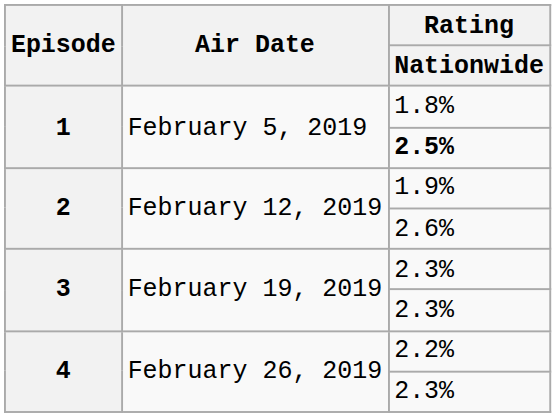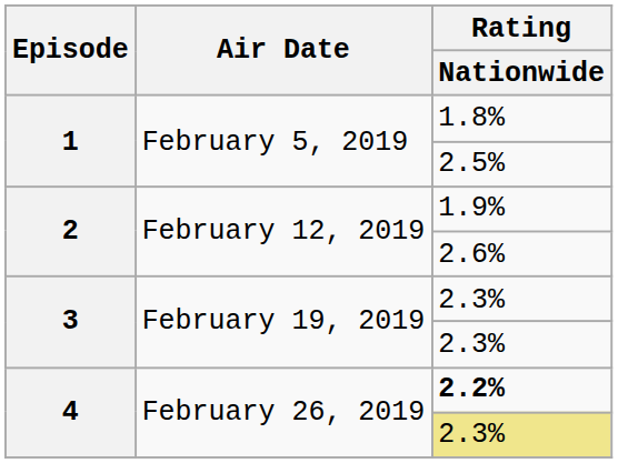 <table class=wikitable>
 <tr>
 <th rowspan="2">Episode</th>
 <th rowspan="2">Air Date</th>
 <th colspan="1">Rating</th>
 </tr>
 <tr>
 <th>Nationwide</th>
 </tr>
 <tr>
 <th rowspan=2>1</th>
 <td rowspan=2>February 5, 2019</td>
 <td>1.8%</td>
 </tr>
 <tr>
-<td><strong>2.5%</strong></td>
+<td>2.5%</td>
 </tr>
 <tr>
 <th rowspan=2>2</th>
 <td rowspan=2>February 12, 2019</td>
 <td>1.9%</td>
 </tr>
 <tr>
 <td>2.6%</td>
 </tr>
 <tr>
 <th rowspan=2>3</th>
 <td rowspan=2>February 19, 2019</td>
 <td>2.3%</td>
 </tr>
 <tr>
 <td>2.3%</td>
 </tr>
 <tr>
 <th rowspan=2>4</th>
 <td rowspan=2>February 26, 2019</td>
-<td>2.2%</td>
+<td><strong>2.2%</strong></td>
 </tr>
 <tr>
-<td>2.3%</td>
+<td style="background: khaki;">2.3%</td>
 </tr>
 </table>
